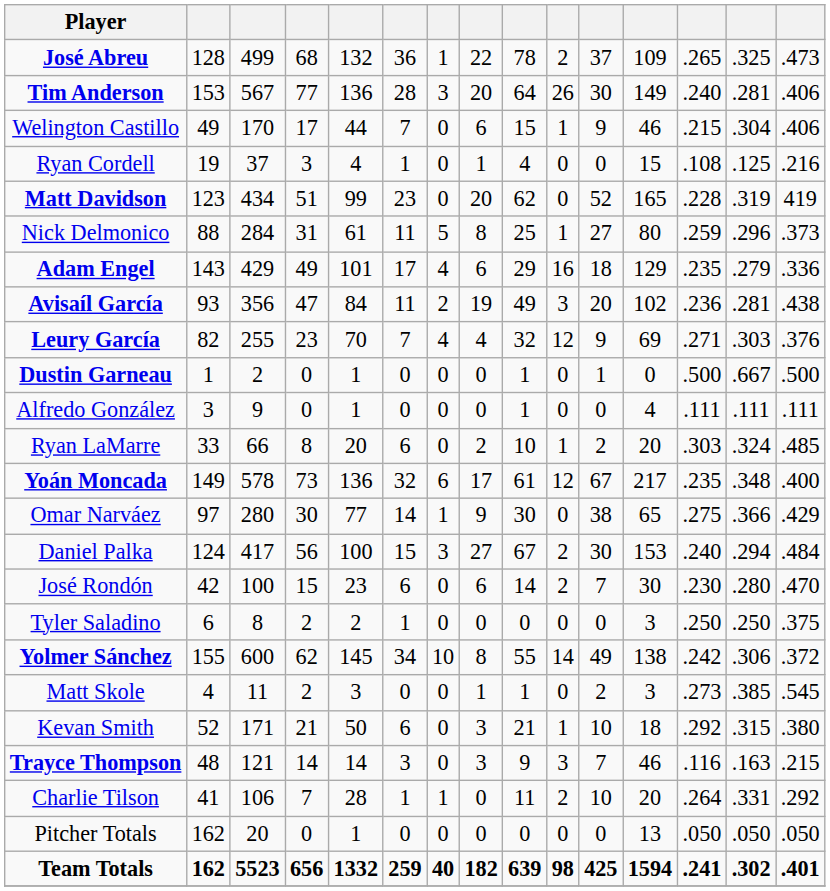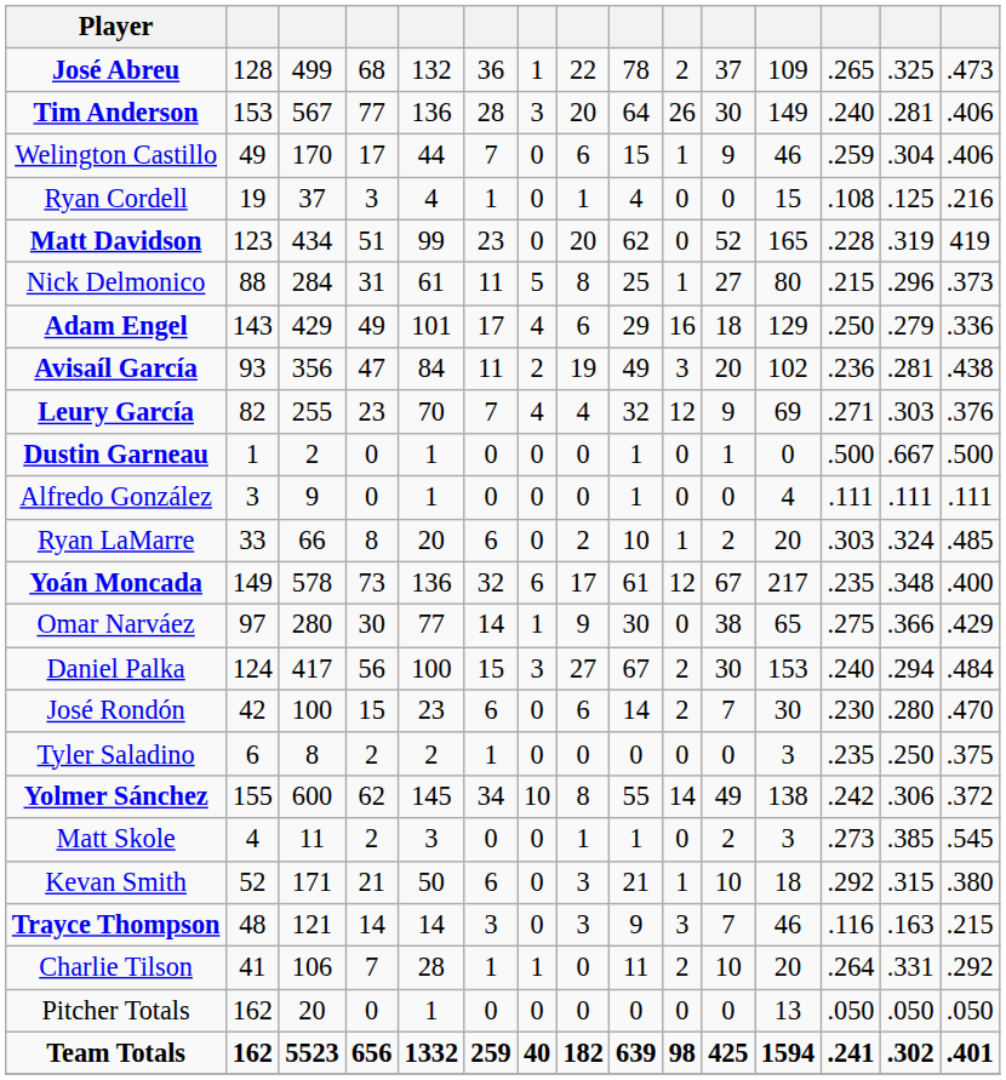 <table class="wikitable sortable" style="text-align:center;">
 <tr>
 <th>Player</th>
 <th></th>
 <th></th>
 <th></th>
 <th></th>
 <th></th>
 <th></th>
 <th></th>
 <th></th>
 <th></th>
 <th></th>
 <th></th>
 <th></th>
 <th></th>
 <th></th>
 </tr>
 <tr>
 <td><strong><a href='#'>José Abreu</a></strong></td>
 <td>128</td>
 <td>499</td>
 <td>68</td>
 <td>132</td>
 <td>36</td>
 <td>1</td>
 <td>22</td>
 <td>78</td>
 <td>2</td>
 <td>37</td>
 <td>109</td>
 <td>.265</td>
 <td>.325</td>
 <td>.473</td>
 </tr>
 <tr>
 <td><strong><a href='#'>Tim Anderson</a></strong></td>
 <td>153</td>
 <td>567</td>
 <td>77</td>
 <td>136</td>
 <td>28</td>
 <td>3</td>
 <td>20</td>
 <td>64</td>
 <td>26</td>
 <td>30</td>
 <td>149</td>
 <td>.240</td>
 <td>.281</td>
 <td>.406</td>
 </tr>
 <tr>
 <td><a href='#'>Welington Castillo</a></td>
 <td>49</td>
 <td>170</td>
 <td>17</td>
 <td>44</td>
 <td>7</td>
 <td>0</td>
 <td>6</td>
 <td>15</td>
 <td>1</td>
 <td>9</td>
 <td>46</td>
-<td>.215</td>
+<td>.259</td>
 <td>.304</td>
 <td>.406</td>
 </tr>
 <tr>
 <td><a href='#'>Ryan Cordell</a></td>
 <td>19</td>
 <td>37</td>
 <td>3</td>
 <td>4</td>
 <td>1</td>
 <td>0</td>
 <td>1</td>
 <td>4</td>
 <td>0</td>
 <td>0</td>
 <td>15</td>
 <td>.108</td>
 <td>.125</td>
 <td>.216</td>
 </tr>
 <tr>
 <td><strong><a href='#'>Matt Davidson</a></strong></td>
 <td>123</td>
 <td>434</td>
 <td>51</td>
 <td>99</td>
 <td>23</td>
 <td>0</td>
 <td>20</td>
 <td>62</td>
 <td>0</td>
 <td>52</td>
 <td>165</td>
 <td>.228</td>
 <td>.319</td>
 <td>419</td>
 </tr>
 <tr>
 <td><a href='#'>Nick Delmonico</a></td>
 <td>88</td>
 <td>284</td>
 <td>31</td>
 <td>61</td>
 <td>11</td>
 <td>5</td>
 <td>8</td>
 <td>25</td>
 <td>1</td>
 <td>27</td>
 <td>80</td>
-<td>.259</td>
+<td>.215</td>
 <td>.296</td>
 <td>.373</td>
 </tr>
 <tr>
 <td><strong><a href='#'>Adam Engel</a></strong></td>
 <td>143</td>
 <td>429</td>
 <td>49</td>
 <td>101</td>
 <td>17</td>
 <td>4</td>
 <td>6</td>
 <td>29</td>
 <td>16</td>
 <td>18</td>
 <td>129</td>
-<td>.235</td>
+<td>.250</td>
 <td>.279</td>
 <td>.336</td>
 </tr>
 <tr>
 <td><strong><a href='#'>Avisaíl García</a></strong></td>
 <td>93</td>
 <td>356</td>
 <td>47</td>
 <td>84</td>
 <td>11</td>
 <td>2</td>
 <td>19</td>
 <td>49</td>
 <td>3</td>
 <td>20</td>
 <td>102</td>
 <td>.236</td>
 <td>.281</td>
 <td>.438</td>
 </tr>
 <tr>
 <td><strong><a href='#'>Leury García</a></strong></td>
 <td>82</td>
 <td>255</td>
 <td>23</td>
 <td>70</td>
 <td>7</td>
 <td>4</td>
 <td>4</td>
 <td>32</td>
 <td>12</td>
 <td>9</td>
 <td>69</td>
 <td>.271</td>
 <td>.303</td>
 <td>.376</td>
 </tr>
 <tr>
 <td><strong><a href='#'>Dustin Garneau</a></strong></td>
 <td>1</td>
 <td>2</td>
 <td>0</td>
 <td>1</td>
 <td>0</td>
 <td>0</td>
 <td>0</td>
 <td>1</td>
 <td>0</td>
 <td>1</td>
 <td>0</td>
 <td>.500</td>
 <td>.667</td>
 <td>.500</td>
 </tr>
 <tr>
 <td><a href='#'>Alfredo González</a></td>
 <td>3</td>
 <td>9</td>
 <td>0</td>
 <td>1</td>
 <td>0</td>
 <td>0</td>
 <td>0</td>
 <td>1</td>
 <td>0</td>
 <td>0</td>
 <td>4</td>
 <td>.111</td>
 <td>.111</td>
 <td>.111</td>
 </tr>
 <tr>
 <td><a href='#'>Ryan LaMarre</a></td>
 <td>33</td>
 <td>66</td>
 <td>8</td>
 <td>20</td>
 <td>6</td>
 <td>0</td>
 <td>2</td>
 <td>10</td>
 <td>1</td>
 <td>2</td>
 <td>20</td>
 <td>.303</td>
 <td>.324</td>
 <td>.485</td>
 </tr>
 <tr>
 <td><strong><a href='#'>Yoán Moncada</a></strong></td>
 <td>149</td>
 <td>578</td>
 <td>73</td>
 <td>136</td>
 <td>32</td>
 <td>6</td>
 <td>17</td>
 <td>61</td>
 <td>12</td>
 <td>67</td>
 <td>217</td>
 <td>.235</td>
 <td>.348</td>
 <td>.400</td>
 </tr>
 <tr>
 <td><a href='#'>Omar Narváez</a></td>
 <td>97</td>
 <td>280</td>
 <td>30</td>
 <td>77</td>
 <td>14</td>
 <td>1</td>
 <td>9</td>
 <td>30</td>
 <td>0</td>
 <td>38</td>
 <td>65</td>
 <td>.275</td>
 <td>.366</td>
 <td>.429</td>
 </tr>
 <tr>
 <td><a href='#'>Daniel Palka</a></td>
 <td>124</td>
 <td>417</td>
 <td>56</td>
 <td>100</td>
 <td>15</td>
 <td>3</td>
 <td>27</td>
 <td>67</td>
 <td>2</td>
 <td>30</td>
 <td>153</td>
 <td>.240</td>
 <td>.294</td>
 <td>.484</td>
 </tr>
 <tr>
 <td><a href='#'>José Rondón</a></td>
 <td>42</td>
 <td>100</td>
 <td>15</td>
 <td>23</td>
 <td>6</td>
 <td>0</td>
 <td>6</td>
 <td>14</td>
 <td>2</td>
 <td>7</td>
 <td>30</td>
 <td>.230</td>
 <td>.280</td>
 <td>.470</td>
 </tr>
 <tr>
 <td><a href='#'>Tyler Saladino</a></td>
 <td>6</td>
 <td>8</td>
 <td>2</td>
 <td>2</td>
 <td>1</td>
 <td>0</td>
 <td>0</td>
 <td>0</td>
 <td>0</td>
 <td>0</td>
 <td>3</td>
-<td>.250</td>
+<td>.235</td>
 <td>.250</td>
 <td>.375</td>
 </tr>
 <tr>
 <td><strong><a href='#'>Yolmer Sánchez</a></strong></td>
 <td>155</td>
 <td>600</td>
 <td>62</td>
 <td>145</td>
 <td>34</td>
 <td>10</td>
 <td>8</td>
 <td>55</td>
 <td>14</td>
 <td>49</td>
 <td>138</td>
 <td>.242</td>
 <td>.306</td>
 <td>.372</td>
 </tr>
 <tr>
 <td><a href='#'>Matt Skole</a></td>
 <td>4</td>
 <td>11</td>
 <td>2</td>
 <td>3</td>
 <td>0</td>
 <td>0</td>
 <td>1</td>
 <td>1</td>
 <td>0</td>
 <td>2</td>
 <td>3</td>
 <td>.273</td>
 <td>.385</td>
 <td>.545</td>
 </tr>
 <tr>
 <td><a href='#'>Kevan Smith</a></td>
 <td>52</td>
 <td>171</td>
 <td>21</td>
 <td>50</td>
 <td>6</td>
 <td>0</td>
 <td>3</td>
 <td>21</td>
 <td>1</td>
 <td>10</td>
 <td>18</td>
 <td>.292</td>
 <td>.315</td>
 <td>.380</td>
 </tr>
 <tr>
 <td><strong><a href='#'>Trayce Thompson</a></strong></td>
 <td>48</td>
 <td>121</td>
 <td>14</td>
 <td>14</td>
 <td>3</td>
 <td>0</td>
 <td>3</td>
 <td>9</td>
 <td>3</td>
 <td>7</td>
 <td>46</td>
 <td>.116</td>
 <td>.163</td>
 <td>.215</td>
 </tr>
 <tr>
 <td><a href='#'>Charlie Tilson</a></td>
 <td>41</td>
 <td>106</td>
 <td>7</td>
 <td>28</td>
 <td>1</td>
 <td>1</td>
 <td>0</td>
 <td>11</td>
 <td>2</td>
 <td>10</td>
 <td>20</td>
 <td>.264</td>
 <td>.331</td>
 <td>.292</td>
 </tr>
 <tr>
 <td>Pitcher Totals</td>
 <td>162</td>
 <td>20</td>
 <td>0</td>
 <td>1</td>
 <td>0</td>
 <td>0</td>
 <td>0</td>
 <td>0</td>
 <td>0</td>
 <td>0</td>
 <td>13</td>
 <td>.050</td>
 <td>.050</td>
 <td>.050</td>
 </tr>
 <tr>
 <td><strong>Team Totals</strong></td>
 <td><strong>162</strong></td>
 <td><strong>5523</strong></td>
 <td><strong>656</strong></td>
 <td><strong>1332</strong></td>
 <td><strong>259</strong></td>
 <td><strong>40</strong></td>
 <td><strong>182</strong></td>
 <td><strong>639</strong></td>
 <td><strong>98</strong></td>
 <td><strong>425</strong></td>
 <td><strong>1594</strong></td>
 <td><strong>.241</strong></td>
 <td><strong>.302</strong></td>
 <td><strong>.401</strong></td>
 </tr>
 <tr class="sortbottom|}">
 </tr>
 </table>
